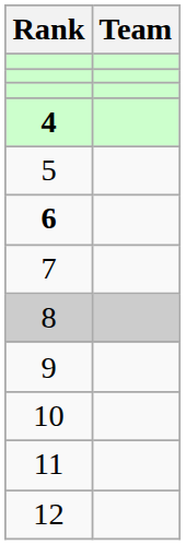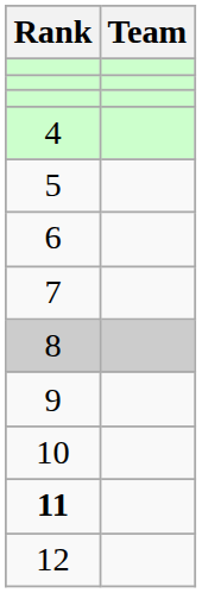 <table class="wikitable">
 <tr>
 <th>Rank</th>
 <th>Team</th>
 </tr>
 <tr bgcolor=ccffcc>
 <td align=center></td>
 <td></td>
 </tr>
 <tr bgcolor=ccffcc>
 <td align=center></td>
 <td></td>
 </tr>
 <tr bgcolor=ccffcc>
 <td align=center></td>
 <td></td>
 </tr>
 <tr bgcolor=ccffcc>
-<td align=center><strong>4</strong></td>
+<td align=center>4</td>
 <td></td>
 </tr>
 <tr>
 <td align=center>5</td>
 <td></td>
 </tr>
 <tr>
-<td align=center><strong>6</strong></td>
+<td align=center>6</td>
 <td></td>
 </tr>
 <tr>
 <td align=center>7</td>
 <td></td>
 </tr>
 <tr bgcolor=cccccc>
 <td align=center>8</td>
 <td></td>
 </tr>
 <tr>
 <td align=center>9</td>
 <td></td>
 </tr>
 <tr>
 <td align=center>10</td>
 <td></td>
 </tr>
 <tr>
-<td align=center>11</td>
+<td align=center><strong>11</strong></td>
 <td></td>
 </tr>
 <tr>
 <td align=center>12</td>
 <td></td>
 </tr>
 </table>
